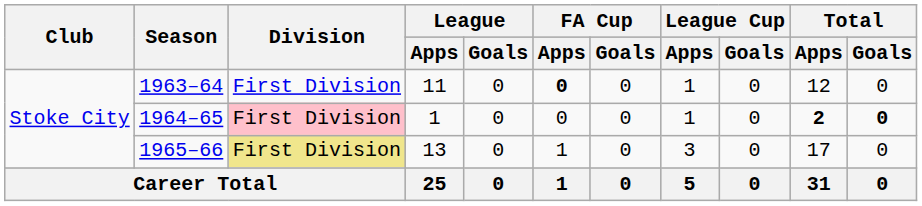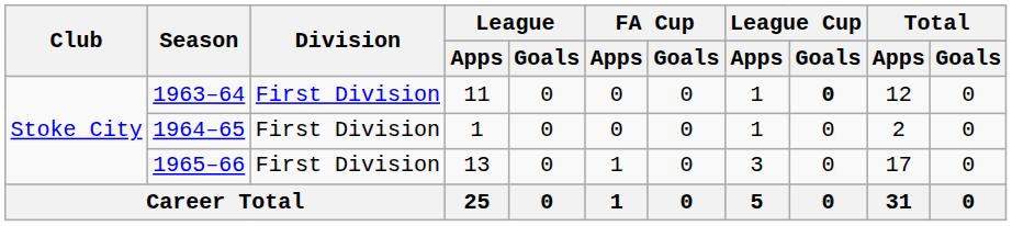 <table class="wikitable" style="text-align: center;">
 <tr>
 <th rowspan="2">Club</th>
 <th rowspan="2">Season</th>
 <th rowspan="2">Division</th>
 <th colspan="2">League</th>
 <th colspan="2">FA Cup</th>
 <th colspan="2">League Cup</th>
 <th colspan="2">Total</th>
 </tr>
 <tr>
 <th>Apps</th>
 <th>Goals</th>
 <th>Apps</th>
 <th>Goals</th>
 <th>Apps</th>
 <th>Goals</th>
 <th>Apps</th>
 <th>Goals</th>
 </tr>
 <tr>
 <td rowspan="3"><a href='#'>Stoke City</a></td>
 <td><a href='#'>1963–64</a></td>
 <td><a href='#'>First Division</a></td>
 <td>11</td>
 <td>0</td>
-<td><strong>0</strong></td>
+<td>0</td>
 <td>0</td>
 <td>1</td>
-<td>0</td>
+<td><strong>0</strong></td>
 <td>12</td>
 <td>0</td>
 </tr>
 <tr>
 <td><a href='#'>1964–65</a></td>
-<td style="background: pink;">First Division</td>
+<td>First Division</td>
 <td>1</td>
 <td>0</td>
 <td>0</td>
 <td>0</td>
 <td>1</td>
 <td>0</td>
-<td><strong>2</strong></td>
-<td><strong>0</strong></td>
+<td>2</td>
+<td>0</td>
 </tr>
 <tr>
 <td><a href='#'>1965–66</a></td>
-<td style="background: khaki;">First Division</td>
+<td>First Division</td>
 <td>13</td>
 <td>0</td>
 <td>1</td>
 <td>0</td>
 <td>3</td>
 <td>0</td>
 <td>17</td>
 <td>0</td>
 </tr>
 <tr>
 <th colspan="3">Career Total</th>
 <th>25</th>
 <th>0</th>
 <th>1</th>
 <th>0</th>
 <th>5</th>
 <th>0</th>
 <th>31</th>
 <th>0</th>
 </tr>
 </table>
